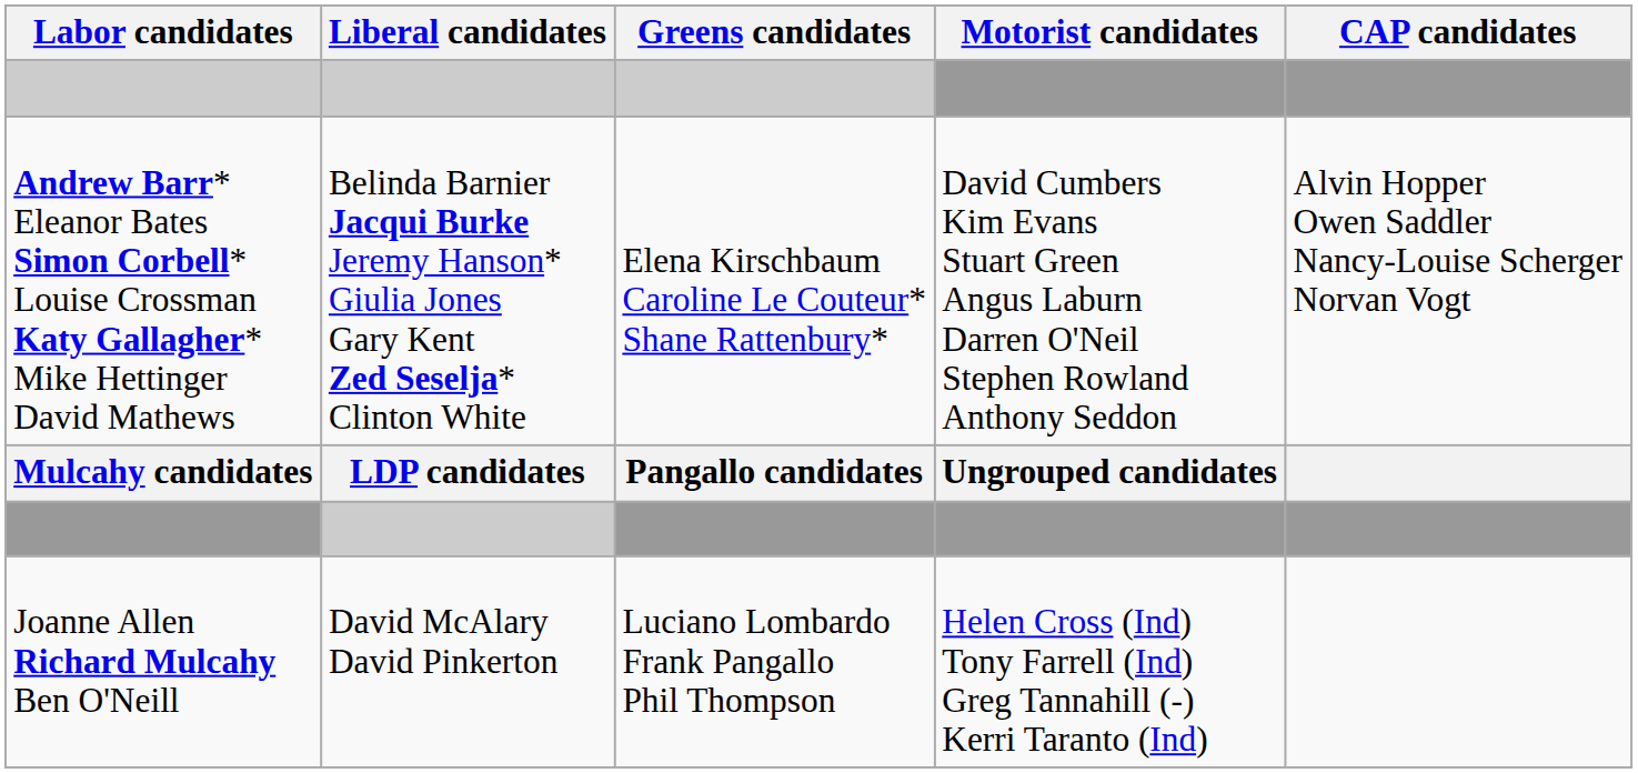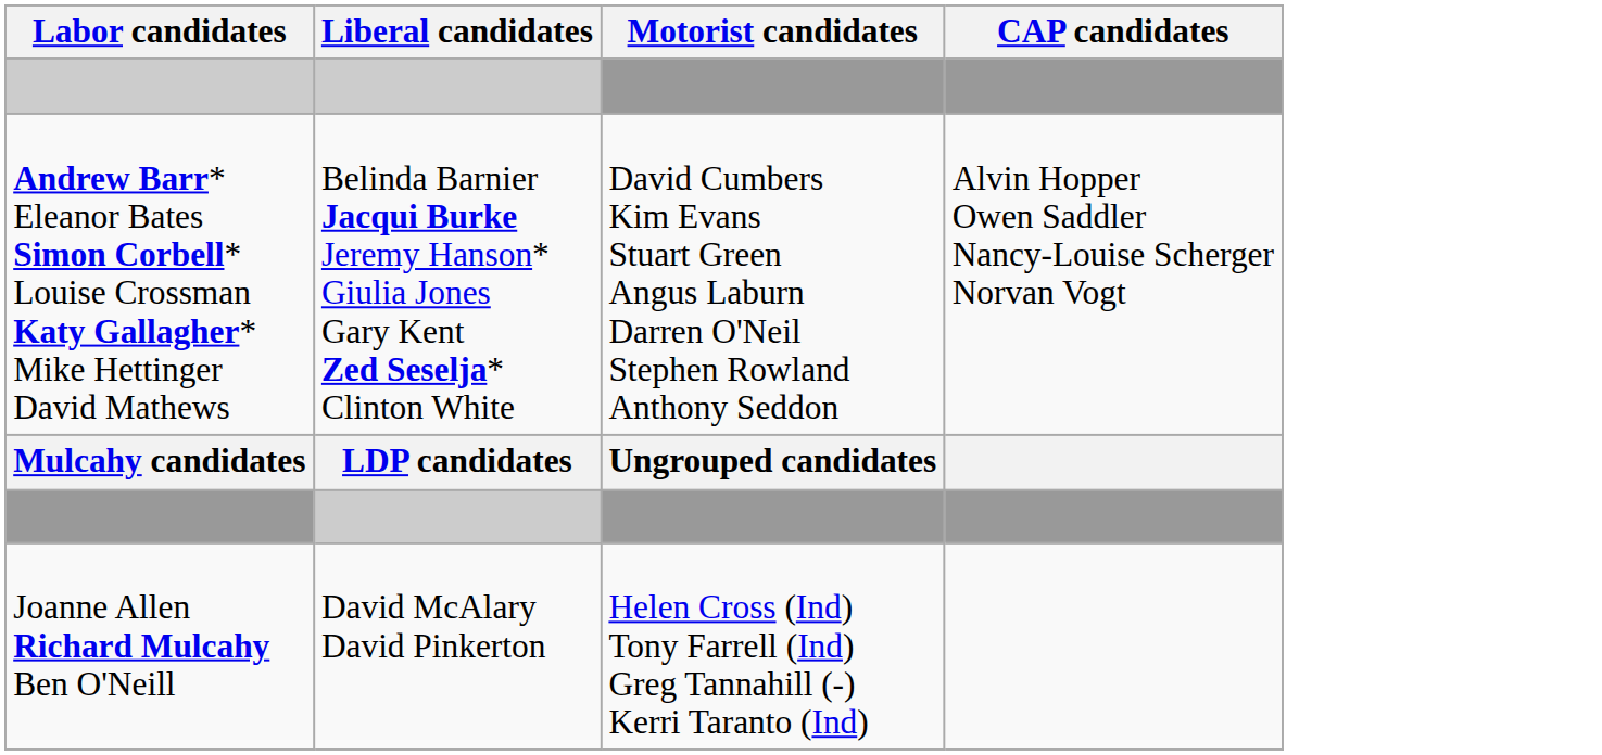 <table class="wikitable">
 <tr>
 <th><a href='#'>Labor</a> candidates</th>
 <th><a href='#'>Liberal</a> candidates</th>
-<th><a href='#'>Greens</a> candidates</th>
 <th><a href='#'>Motorist</a> candidates</th>
 <th><a href='#'>CAP</a> candidates</th>
 </tr>
 <tr style="background:#ccc;">
-<td></td>
 <td></td>
 <td></td>
 <td style="background:#999;"> </td>
 <td style="background:#999;"> </td>
 </tr>
 <tr>
 <td><br><strong><a href='#'>Andrew Barr</a></strong>* <br> Eleanor Bates<br> <strong><a href='#'>Simon Corbell</a></strong>* <br> Louise Crossman <br> <strong><a href='#'>Katy Gallagher</a></strong>* <br> Mike Hettinger <br> David Mathews</td>
 <td><br>Belinda Barnier<br> <strong><a href='#'>Jacqui Burke</a></strong> <br> <a href='#'>Jeremy Hanson</a>*<br> <a href='#'>Giulia Jones</a><br> Gary Kent<br> <strong><a href='#'>Zed Seselja</a></strong>*<br> Clinton White</td>
-<td><br>Elena Kirschbaum <br> <a href='#'>Caroline Le Couteur</a>* <br> <a href='#'>Shane Rattenbury</a>*</td>
 <td valign=top><br>David Cumbers<br> Kim Evans<br> Stuart Green<br> Angus Laburn<br> Darren O'Neil<br> Stephen Rowland<br> Anthony Seddon</td>
 <td valign=top><br>Alvin Hopper<br> Owen Saddler<br> Nancy-Louise Scherger<br> Norvan Vogt</td>
 </tr>
 <tr style="background:#ccc;">
 <th><a href='#'>Mulcahy</a> candidates</th>
 <th><a href='#'>LDP</a> candidates</th>
-<th>Pangallo candidates</th>
 <th>Ungrouped candidates</th>
 <th></th>
 </tr>
 <tr style="background:#ccc;">
 <td style="background:#999;"></td>
 <td></td>
 <td style="background:#999;"></td>
-<td style="background:#999;"></td>
 <td style="background:#999;"> </td>
 </tr>
 <tr>
 <td valign=top><br>Joanne Allen<br> <strong><a href='#'>Richard Mulcahy</a></strong> <br> Ben O'Neill</td>
 <td valign=top><br>David McAlary<br> David Pinkerton</td>
-<td valign=top><br>Luciano Lombardo<br> Frank Pangallo<br> Phil Thompson</td>
 <td valign=top><br><a href='#'>Helen Cross</a> (<a href='#'>Ind</a>)<br> Tony Farrell (<a href='#'>Ind</a>)<br> Greg Tannahill (-)<br>  Kerri Taranto (<a href='#'>Ind</a>)</td>
 <td valign=top></td>
 </tr>
 </table>
